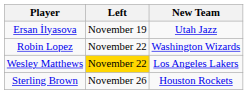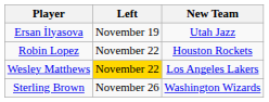 <table class="wikitable sortable sortable">
 <tr>
 <th>Player</th>
 <th>Left</th>
 <th>New Team</th>
 </tr>
 <tr style="text-align: center">
 <td><a href='#'>Ersan İlyasova</a></td>
 <td>November 19</td>
 <td><a href='#'>Utah Jazz</a></td>
 </tr>
 <tr style="text-align: center">
 <td><a href='#'>Robin Lopez</a></td>
 <td>November 22</td>
-<td><a href='#'>Washington Wizards</a></td>
+<td><a href='#'>Houston Rockets</a></td>
 </tr>
 <tr style="text-align: center">
 <td><a href='#'>Wesley Matthews</a></td>
 <td style="background: gold;">November 22</td>
 <td><a href='#'>Los Angeles Lakers</a></td>
 </tr>
 <tr style="text-align: center">
 <td><a href='#'>Sterling Brown</a></td>
 <td>November 26</td>
-<td><a href='#'>Houston Rockets</a></td>
+<td><a href='#'>Washington Wizards</a></td>
 </tr>
 </table>
